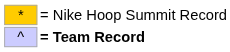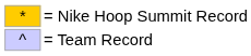 <table style="margin: 0.75em 0 0 0.5em;">
 <tr>
 <td style="background-color:#FFCC00; border:1px solid #aaaaaa; width:2em;" align=center>*</td>
 <td>= Nike Hoop Summit Record</td>
 <td></td>
 </tr>
 <tr>
 <td style="background-color:#CCCCFF; border:1px solid #aaaaaa; width:2em;" align=center>^</td>
-<td><strong>= Team Record</strong></td>
+<td>= Team Record</td>
 </tr>
 </table>
